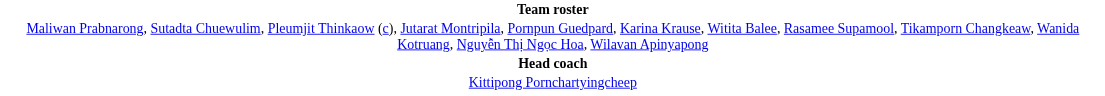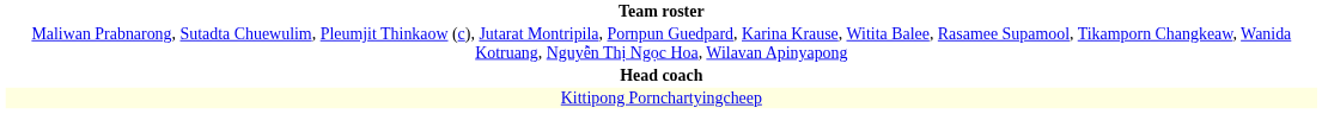 <table style="text-align: center; margin-top: 2em; margin-left: auto; margin-right: auto">
 <tr>
 <td><strong>Team roster</strong></td>
 </tr>
 <tr>
 <td><a href='#'>Maliwan Prabnarong</a>, <a href='#'>Sutadta Chuewulim</a>, <a href='#'>Pleumjit Thinkaow</a> (<a href='#'>c</a>), <a href='#'>Jutarat Montripila</a>, <a href='#'>Pornpun Guedpard</a>, <a href='#'>Karina Krause</a>, <a href='#'>Witita Balee</a>, <a href='#'>Rasamee Supamool</a>, <a href='#'>Tikamporn Changkeaw</a>, <a href='#'>Wanida Kotruang</a>, <a href='#'>Nguyễn Thị Ngọc Hoa</a>, <a href='#'>Wilavan Apinyapong</a></td>
 </tr>
 <tr>
 <td><strong>Head coach</strong></td>
 </tr>
 <tr>
-<td><a href='#'>Kittipong Pornchartyingcheep</a></td>
+<td style="background: lightyellow;"><a href='#'>Kittipong Pornchartyingcheep</a></td>
 </tr>
 </table>
